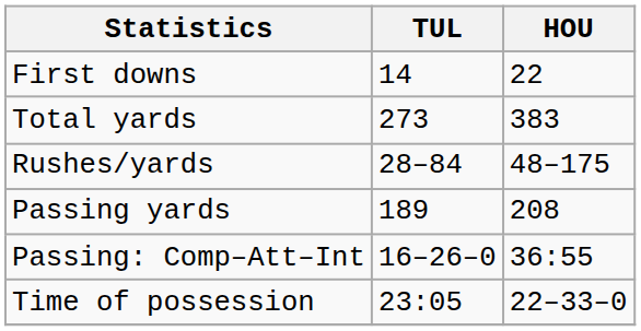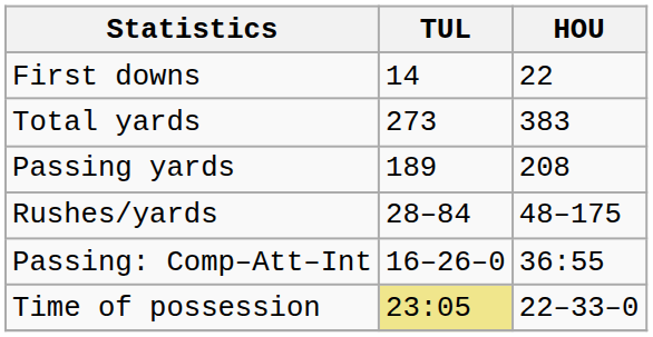 <table class="wikitable" style="float: left;">
 <tr>
 <th>Statistics</th>
 <th>TUL</th>
 <th>HOU</th>
 </tr>
 <tr>
 <td>First downs</td>
 <td>14</td>
 <td>22</td>
 </tr>
 <tr>
 <td>Total yards</td>
 <td>273</td>
 <td>383</td>
 </tr>
 <tr>
+<td>Passing yards</td>
+<td>189</td>
+<td>208</td>
+</tr>
+<tr>
 <td>Rushes/yards</td>
 <td>28–84</td>
 <td>48–175</td>
-</tr>
-<tr>
-<td>Passing yards</td>
-<td>189</td>
-<td>208</td>
 </tr>
 <tr>
 <td>Passing: Comp–Att–Int</td>
 <td>16–26–0</td>
 <td>36:55</td>
 </tr>
 <tr>
 <td>Time of possession</td>
-<td>23:05</td>
+<td style="background: khaki;">23:05</td>
 <td>22–33–0</td>
 </tr>
 <tr>
 </tr>
 </table>
